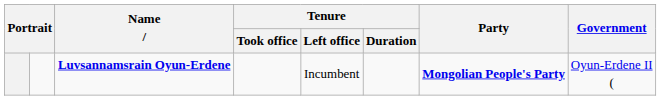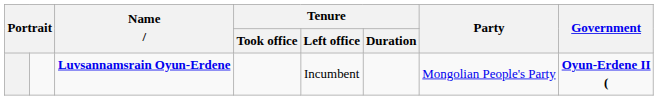 <table class="wikitable" style="line-height:1.4em; text-align:center;">
 <tr>
 <th colspan="2" rowspan="2" scope="col">Portrait</th>
 <th rowspan="2">Name<br> / <br></th>
 <th colspan="3" scope="colgroup">Tenure</th>
 <th rowspan="2">Party</th>
 <th rowspan="2"><a href='#'>Government</a></th>
 </tr>
 <tr>
 <th>Took office</th>
 <th>Left office</th>
 <th>Duration</th>
 </tr>
 <tr>
 <th style="background:"></th>
 <td></td>
 <td><strong><a href='#'>Luvsannamsrain Oyun-Erdene</a></strong><br><br></td>
 <td></td>
 <td>Incumbent</td>
 <td></td>
-<td><strong><a href='#'>Mongolian People's Party</a></strong></td>
-<td><a href='#'>Oyun-Erdene II</a><br>(</td>
+<td><a href='#'>Mongolian People's Party</a></td>
+<td><strong><a href='#'>Oyun-Erdene II</a><br>(</strong></td>
 </tr>
 </table>
